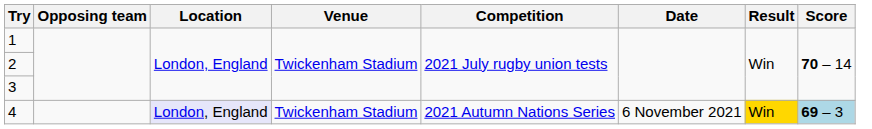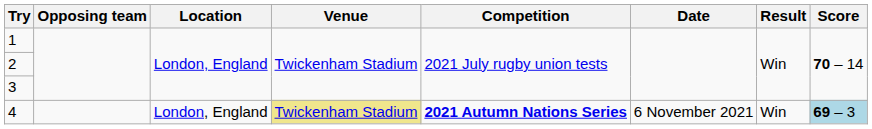 <table class="wikitable" style="font-size:100%">
 <tr>
 <th>Try</th>
 <th>Opposing team</th>
 <th>Location</th>
 <th>Venue</th>
 <th>Competition</th>
 <th>Date</th>
 <th>Result</th>
 <th>Score</th>
 </tr>
 <tr>
 <td>1</td>
 <td rowspan="3"></td>
 <td rowspan="3"><a href='#'>London, England</a></td>
 <td rowspan="3"><a href='#'>Twickenham Stadium</a></td>
 <td rowspan="3"><a href='#'>2021 July rugby union tests</a></td>
 <td rowspan="3"></td>
 <td rowspan="3">Win</td>
 <td rowspan="3"><strong>70</strong> – 14</td>
 </tr>
 <tr>
 <td>2</td>
 </tr>
 <tr>
 <td>3</td>
 </tr>
 <tr>
 <td>4</td>
 <td></td>
-<td style="background: lavender;"><a href='#'>London</a>, England</td>
-<td><a href='#'>Twickenham Stadium</a></td>
-<td><a href='#'>2021 Autumn Nations Series</a></td>
+<td><a href='#'>London</a>, England</td>
+<td style="background: khaki;"><a href='#'>Twickenham Stadium</a></td>
+<td><strong><a href='#'>2021 Autumn Nations Series</a></strong></td>
 <td>6 November 2021</td>
-<td style="background: gold;">Win</td>
+<td>Win</td>
 <td style="background: lightblue;"><strong>69</strong> – 3</td>
 </tr>
 </table>
